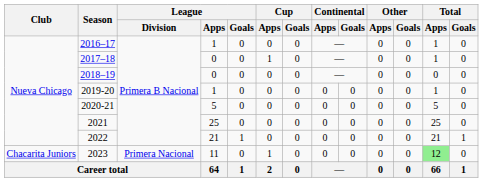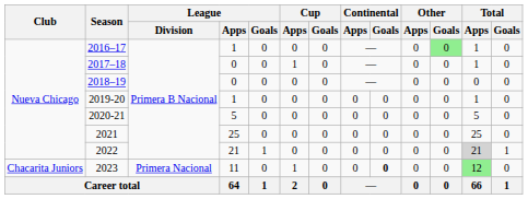 <table class="wikitable" style="text-align:center">
 <tr>
 <th rowspan="2">Club</th>
 <th rowspan="2">Season</th>
 <th colspan="3">League</th>
 <th colspan="2">Cup</th>
 <th colspan="2">Continental</th>
 <th colspan="2">Other</th>
 <th colspan="2">Total</th>
 </tr>
 <tr>
 <th>Division</th>
 <th>Apps</th>
 <th>Goals</th>
 <th>Apps</th>
 <th>Goals</th>
 <th>Apps</th>
 <th>Goals</th>
 <th>Apps</th>
 <th>Goals</th>
 <th>Apps</th>
 <th>Goals</th>
 </tr>
 <tr>
 <td rowspan="7"><a href='#'>Nueva Chicago</a></td>
 <td><a href='#'>2016–17</a></td>
 <td rowspan="7"><a href='#'>Primera B Nacional</a></td>
 <td>1</td>
 <td>0</td>
 <td>0</td>
 <td>0</td>
 <td colspan="2">—</td>
 <td>0</td>
-<td>0</td>
+<td style="background: lightgreen;">0</td>
 <td>1</td>
 <td>0</td>
 </tr>
 <tr>
 <td><a href='#'>2017–18</a></td>
 <td>0</td>
 <td>0</td>
 <td>1</td>
 <td>0</td>
 <td colspan="2">—</td>
 <td>0</td>
 <td>0</td>
 <td>1</td>
 <td>0</td>
 </tr>
 <tr>
 <td><a href='#'>2018–19</a></td>
 <td>0</td>
 <td>0</td>
 <td>0</td>
 <td>0</td>
 <td colspan="2">—</td>
 <td>0</td>
 <td>0</td>
 <td>0</td>
 <td>0</td>
 </tr>
 <tr>
 <td>2019-20</td>
 <td>1</td>
 <td>0</td>
 <td>0</td>
 <td>0</td>
 <td>0</td>
 <td>0</td>
 <td>0</td>
 <td>0</td>
 <td>1</td>
 <td>0</td>
 </tr>
 <tr>
 <td>2020-21</td>
 <td>5</td>
 <td>0</td>
 <td>0</td>
 <td>0</td>
 <td>0</td>
 <td>0</td>
 <td>0</td>
 <td>0</td>
 <td>5</td>
 <td>0</td>
 </tr>
 <tr>
 <td>2021</td>
 <td>25</td>
 <td>0</td>
 <td>0</td>
 <td>0</td>
 <td>0</td>
 <td>0</td>
 <td>0</td>
 <td>0</td>
 <td>25</td>
 <td>0</td>
 </tr>
 <tr>
 <td>2022</td>
 <td>21</td>
 <td>1</td>
 <td>0</td>
 <td>0</td>
 <td>0</td>
 <td>0</td>
 <td>0</td>
 <td>0</td>
-<td>21</td>
+<td style="background: lightgrey;">21</td>
 <td>1</td>
 </tr>
 <tr>
 <td><a href='#'>Chacarita Juniors</a></td>
 <td>2023</td>
 <td><a href='#'>Primera Nacional</a></td>
 <td>11</td>
 <td>0</td>
 <td>1</td>
 <td>0</td>
 <td>0</td>
-<td>0</td>
+<td><strong>0</strong></td>
 <td>0</td>
 <td>0</td>
 <td style="background: lightgreen;">12</td>
 <td>0</td>
 </tr>
 <tr>
 <th colspan="3">Career total</th>
 <th>64</th>
 <th>1</th>
 <th>2</th>
 <th>0</th>
 <th colspan="2">—</th>
 <th>0</th>
 <th>0</th>
 <th>66</th>
 <th>1</th>
 </tr>
 </table>
